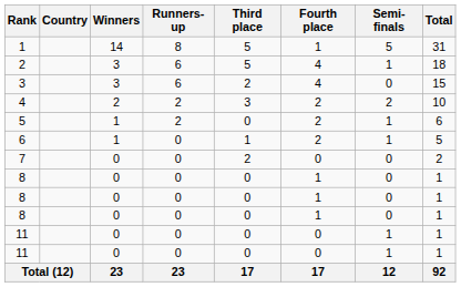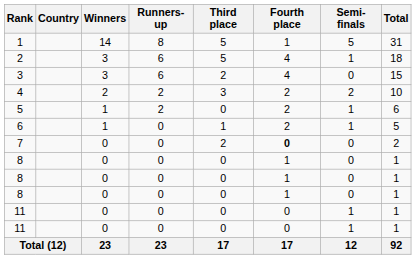 <table class="wikitable sortable" style="text-align:center;">
 <tr>
 <th>Rank</th>
 <th>Country</th>
 <th>Winners</th>
 <th>Runners-up</th>
 <th>Third place</th>
 <th>Fourth place</th>
 <th>Semi-finals</th>
 <th>Total</th>
 </tr>
 <tr>
 <td>1</td>
 <td align=left></td>
 <td>14</td>
 <td>8</td>
 <td>5</td>
 <td>1</td>
 <td>5</td>
 <td>31</td>
 </tr>
 <tr>
 <td>2</td>
 <td align=left></td>
 <td>3</td>
 <td>6</td>
 <td>5</td>
 <td>4</td>
 <td>1</td>
 <td>18</td>
 </tr>
 <tr>
 <td>3</td>
 <td align=left></td>
 <td>3</td>
 <td>6</td>
 <td>2</td>
 <td>4</td>
 <td>0</td>
 <td>15</td>
 </tr>
 <tr>
 <td>4</td>
 <td align=left></td>
 <td>2</td>
 <td>2</td>
 <td>3</td>
 <td>2</td>
 <td>2</td>
 <td>10</td>
 </tr>
 <tr>
 <td>5</td>
 <td align=left></td>
 <td>1</td>
 <td>2</td>
 <td>0</td>
 <td>2</td>
 <td>1</td>
 <td>6</td>
 </tr>
 <tr>
 <td>6</td>
 <td align=left></td>
 <td>1</td>
 <td>0</td>
 <td>1</td>
 <td>2</td>
 <td>1</td>
 <td>5</td>
 </tr>
 <tr>
 <td>7</td>
 <td align=left></td>
 <td>0</td>
 <td>0</td>
 <td>2</td>
-<td>0</td>
+<td><strong>0</strong></td>
 <td>0</td>
 <td>2</td>
 </tr>
 <tr>
 <td>8</td>
 <td align=left></td>
 <td>0</td>
 <td>0</td>
 <td>0</td>
 <td>1</td>
 <td>0</td>
 <td>1</td>
 </tr>
 <tr>
 <td>8</td>
 <td align=left></td>
 <td>0</td>
 <td>0</td>
 <td>0</td>
 <td>1</td>
 <td>0</td>
 <td>1</td>
 </tr>
 <tr>
 <td>8</td>
 <td align=left></td>
 <td>0</td>
 <td>0</td>
 <td>0</td>
 <td>1</td>
 <td>0</td>
 <td>1</td>
 </tr>
 <tr>
 <td>11</td>
 <td align=left></td>
 <td>0</td>
 <td>0</td>
 <td>0</td>
 <td>0</td>
 <td>1</td>
 <td>1</td>
 </tr>
 <tr>
 <td>11</td>
 <td align=left></td>
 <td>0</td>
 <td>0</td>
 <td>0</td>
 <td>0</td>
 <td>1</td>
 <td>1</td>
 </tr>
 <tr class="sortbottom">
 <th colspan=2>Total (12)</th>
 <th>23</th>
 <th>23</th>
 <th>17</th>
 <th>17</th>
 <th>12</th>
 <th>92</th>
 </tr>
 </table>
